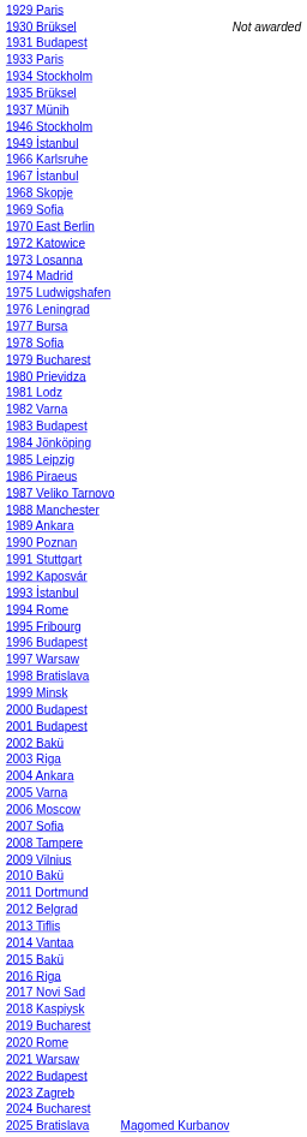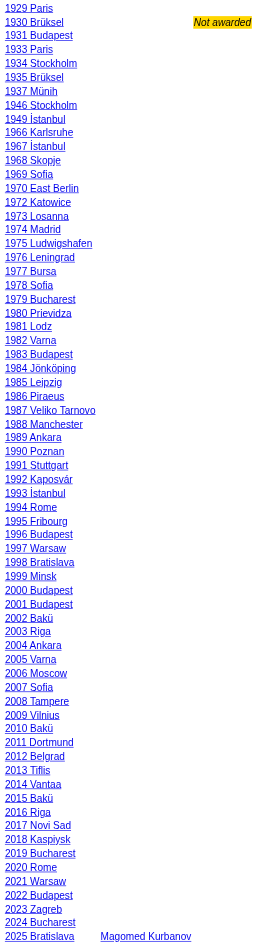 <table>
 <tr>
 <td><a href='#'>1929 Paris</a></td>
 <td></td>
 <td></td>
 <td></td>
 </tr>
 <tr>
 <td><a href='#'>1930 Brüksel</a></td>
 <td></td>
 <td></td>
-<td><em>Not awarded</em></td>
+<td style="background: gold;"><em>Not awarded</em></td>
 </tr>
 <tr>
 <td><a href='#'>1931 Budapest</a></td>
 <td></td>
 <td></td>
 <td></td>
 </tr>
 <tr>
 <td><a href='#'>1933 Paris</a></td>
 <td></td>
 <td></td>
 <td></td>
 </tr>
 <tr>
 <td><a href='#'>1934 Stockholm</a></td>
 <td></td>
 <td></td>
 <td></td>
 </tr>
 <tr>
 <td><a href='#'>1935 Brüksel</a></td>
 <td></td>
 <td></td>
 <td></td>
 </tr>
 <tr>
 <td><a href='#'>1937 Münih</a></td>
 <td></td>
 <td></td>
 <td></td>
 </tr>
 <tr>
 <td><a href='#'>1946 Stockholm</a></td>
 <td></td>
 <td></td>
 <td></td>
 </tr>
 <tr>
 <td><a href='#'>1949 İstanbul</a></td>
 <td></td>
 <td></td>
 <td></td>
 </tr>
 <tr>
 <td><a href='#'>1966 Karlsruhe</a></td>
 <td></td>
 <td></td>
 <td></td>
 </tr>
 <tr>
 <td><a href='#'>1967 İstanbul</a></td>
 <td></td>
 <td></td>
 <td></td>
 </tr>
 <tr>
 <td><a href='#'>1968 Skopje</a></td>
 <td></td>
 <td></td>
 <td></td>
 </tr>
 <tr>
 <td><a href='#'>1969 Sofia</a></td>
 <td></td>
 <td></td>
 <td></td>
 </tr>
 <tr>
 <td><a href='#'>1970 East Berlin</a></td>
 <td></td>
 <td></td>
 <td></td>
 </tr>
 <tr>
 <td><a href='#'>1972 Katowice</a></td>
 <td></td>
 <td></td>
 <td></td>
 </tr>
 <tr>
 <td><a href='#'>1973 Losanna</a></td>
 <td></td>
 <td></td>
 <td></td>
 </tr>
 <tr>
 <td><a href='#'>1974 Madrid</a></td>
 <td></td>
 <td></td>
 <td></td>
 </tr>
 <tr>
 <td><a href='#'>1975 Ludwigshafen</a></td>
 <td></td>
 <td></td>
 <td></td>
 </tr>
 <tr>
 <td><a href='#'>1976 Leningrad</a></td>
 <td></td>
 <td></td>
 <td></td>
 </tr>
 <tr>
 <td><a href='#'>1977 Bursa</a></td>
 <td></td>
 <td></td>
 <td></td>
 </tr>
 <tr>
 <td><a href='#'>1978 Sofia</a></td>
 <td></td>
 <td></td>
 <td></td>
 </tr>
 <tr>
 <td><a href='#'>1979 Bucharest</a></td>
 <td></td>
 <td></td>
 <td></td>
 </tr>
 <tr>
 <td><a href='#'>1980 Prievidza</a></td>
 <td></td>
 <td></td>
 <td></td>
 </tr>
 <tr>
 <td><a href='#'>1981 Lodz</a></td>
 <td></td>
 <td></td>
 <td></td>
 </tr>
 <tr>
 <td><a href='#'>1982 Varna</a></td>
 <td></td>
 <td></td>
 <td></td>
 </tr>
 <tr>
 <td><a href='#'>1983 Budapest</a></td>
 <td></td>
 <td></td>
 <td></td>
 </tr>
 <tr>
 <td><a href='#'>1984 Jönköping</a></td>
 <td></td>
 <td></td>
 <td></td>
 </tr>
 <tr>
 <td><a href='#'>1985 Leipzig</a></td>
 <td></td>
 <td></td>
 <td></td>
 </tr>
 <tr>
 <td><a href='#'>1986 Piraeus</a></td>
 <td></td>
 <td></td>
 <td></td>
 </tr>
 <tr>
 <td><a href='#'>1987 Veliko Tarnovo</a></td>
 <td></td>
 <td></td>
 <td></td>
 </tr>
 <tr>
 <td><a href='#'>1988 Manchester</a></td>
 <td></td>
 <td></td>
 <td></td>
 </tr>
 <tr>
 <td><a href='#'>1989 Ankara</a></td>
 <td></td>
 <td></td>
 <td></td>
 </tr>
 <tr>
 <td><a href='#'>1990 Poznan</a></td>
 <td></td>
 <td></td>
 <td></td>
 </tr>
 <tr>
 <td><a href='#'>1991 Stuttgart</a></td>
 <td></td>
 <td></td>
 <td></td>
 </tr>
 <tr>
 <td><a href='#'>1992 Kaposvár</a></td>
 <td></td>
 <td></td>
 <td></td>
 </tr>
 <tr>
 <td><a href='#'>1993 İstanbul</a></td>
 <td></td>
 <td></td>
 <td></td>
 </tr>
 <tr>
 <td><a href='#'>1994 Rome</a></td>
 <td></td>
 <td></td>
 <td></td>
 </tr>
 <tr>
 <td><a href='#'>1995 Fribourg</a></td>
 <td></td>
 <td></td>
 <td></td>
 </tr>
 <tr>
 <td><a href='#'>1996 Budapest</a></td>
 <td></td>
 <td></td>
 <td></td>
 </tr>
 <tr>
 <td><a href='#'>1997 Warsaw</a></td>
 <td></td>
 <td></td>
 <td></td>
 </tr>
 <tr>
 <td><a href='#'>1998 Bratislava</a></td>
 <td></td>
 <td></td>
 <td></td>
 </tr>
 <tr>
 <td><a href='#'>1999 Minsk</a></td>
 <td></td>
 <td></td>
 <td></td>
 </tr>
 <tr>
 <td><a href='#'>2000 Budapest</a></td>
 <td></td>
 <td></td>
 <td></td>
 </tr>
 <tr>
 <td><a href='#'>2001 Budapest</a></td>
 <td></td>
 <td></td>
 <td></td>
 </tr>
 <tr>
 <td><a href='#'>2002 Bakü</a></td>
 <td></td>
 <td></td>
 <td></td>
 </tr>
 <tr>
 <td><a href='#'>2003 Riga</a></td>
 <td></td>
 <td></td>
 <td></td>
 </tr>
 <tr>
 <td><a href='#'>2004 Ankara</a></td>
 <td></td>
 <td></td>
 <td></td>
 </tr>
 <tr>
 <td rowspan=2><a href='#'>2005 Varna</a></td>
 <td rowspan=2></td>
 <td rowspan=2></td>
 <td></td>
 </tr>
 <tr>
 <td></td>
 </tr>
 <tr>
 <td rowspan=2><a href='#'>2006 Moscow</a></td>
 <td rowspan=2></td>
 <td rowspan=2></td>
 <td></td>
 </tr>
 <tr>
 <td></td>
 </tr>
 <tr>
 <td rowspan=2><a href='#'>2007 Sofia</a></td>
 <td rowspan=2></td>
 <td rowspan=2></td>
 <td></td>
 </tr>
 <tr>
 <td></td>
 </tr>
 <tr>
 <td rowspan=2><a href='#'>2008 Tampere</a></td>
 <td rowspan=2></td>
 <td rowspan=2></td>
 <td></td>
 </tr>
 <tr>
 <td></td>
 </tr>
 <tr>
 <td rowspan=2><a href='#'>2009 Vilnius</a></td>
 <td rowspan=2></td>
 <td rowspan=2></td>
 <td></td>
 </tr>
 <tr>
 <td></td>
 </tr>
 <tr>
 <td rowspan=2><a href='#'>2010 Bakü</a></td>
 <td rowspan=2></td>
 <td rowspan=2></td>
 <td></td>
 </tr>
 <tr>
 <td></td>
 </tr>
 <tr>
 <td rowspan=2><a href='#'>2011 Dortmund</a></td>
 <td rowspan=2></td>
 <td rowspan=2></td>
 <td></td>
 </tr>
 <tr>
 <td></td>
 </tr>
 <tr>
 <td rowspan=2><a href='#'>2012 Belgrad</a></td>
 <td rowspan=2></td>
 <td rowspan=2></td>
 <td></td>
 </tr>
 <tr>
 <td></td>
 </tr>
 <tr>
 <td rowspan=2><a href='#'>2013 Tiflis</a></td>
 <td rowspan=2></td>
 <td rowspan=2></td>
 <td></td>
 </tr>
 <tr>
 <td></td>
 </tr>
 <tr>
 <td rowspan=2><a href='#'>2014 Vantaa</a></td>
 <td rowspan=2></td>
 <td rowspan=2></td>
 <td></td>
 </tr>
 <tr>
 <td></td>
 </tr>
 <tr>
 <td rowspan=2><a href='#'>2015 Bakü</a></td>
 <td rowspan=2></td>
 <td rowspan=2></td>
 <td></td>
 </tr>
 <tr>
 <td></td>
 </tr>
 <tr>
 <td rowspan=2><a href='#'>2016 Riga</a></td>
 <td rowspan=2></td>
 <td rowspan=2></td>
 <td></td>
 </tr>
 <tr>
 <td></td>
 </tr>
 <tr>
 <td rowspan=2><a href='#'>2017 Novi Sad</a></td>
 <td rowspan=2></td>
 <td rowspan=2></td>
 <td></td>
 </tr>
 <tr>
 <td></td>
 </tr>
 <tr>
 <td rowspan=2><a href='#'>2018 Kaspiysk</a></td>
 <td rowspan=2></td>
 <td rowspan=2></td>
 <td></td>
 </tr>
 <tr>
 <td></td>
 </tr>
 <tr>
 <td rowspan=2><a href='#'>2019 Bucharest</a></td>
 <td rowspan=2></td>
 <td rowspan=2></td>
 <td></td>
 </tr>
 <tr>
 <td></td>
 </tr>
 <tr>
 <td rowspan=2><a href='#'>2020 Rome</a></td>
 <td rowspan=2></td>
 <td rowspan=2></td>
 <td></td>
 </tr>
 <tr>
 <td></td>
 </tr>
 <tr>
 <td rowspan=2><a href='#'>2021 Warsaw</a></td>
 <td rowspan=2></td>
 <td rowspan=2></td>
 <td></td>
 </tr>
 <tr>
 <td></td>
 </tr>
 <tr>
 <td rowspan=2><a href='#'>2022 Budapest</a></td>
 <td rowspan=2></td>
 <td rowspan=2></td>
 <td></td>
 </tr>
 <tr>
 <td></td>
 </tr>
 <tr>
 <td rowspan=2><a href='#'>2023 Zagreb</a></td>
 <td rowspan=2></td>
 <td rowspan=2></td>
 <td></td>
 </tr>
 <tr>
 <td></td>
 </tr>
 <tr>
 <td rowspan=2><a href='#'>2024 Bucharest</a></td>
 <td rowspan=2></td>
 <td rowspan=2></td>
 <td></td>
 </tr>
 <tr>
 <td></td>
 </tr>
 <tr>
 <td rowspan=2><a href='#'>2025 Bratislava</a></td>
 <td rowspan=2></td>
 <td rowspan=2> <a href='#'>Magomed Kurbanov</a> </td>
 <td></td>
 </tr>
 <tr>
 <td></td>
 </tr>
 </table>
